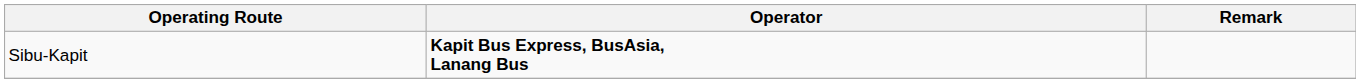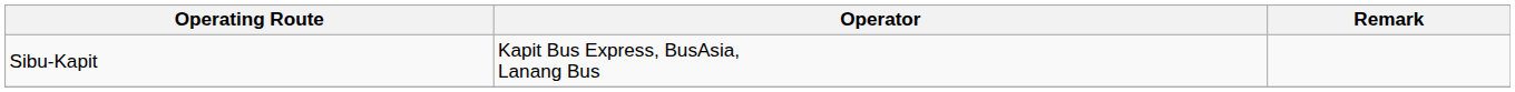 <table class="wikitable" style="width:100%; margin:auto;">
 <tr>
 <th>Operating Route</th>
 <th>Operator</th>
 <th>Remark</th>
 </tr>
 <tr>
 <td>Sibu-Kapit</td>
-<td><strong>Kapit Bus Express, BusAsia,<br>Lanang Bus</strong></td>
+<td>Kapit Bus Express, BusAsia,<br>Lanang Bus</td>
 <td></td>
 </tr>
 <tr>
 </tr>
 </table>
